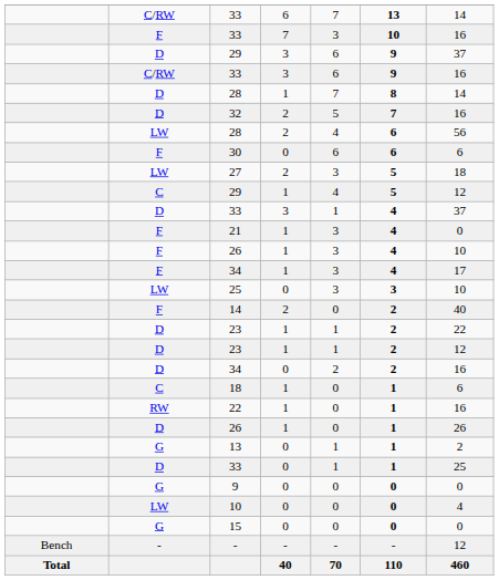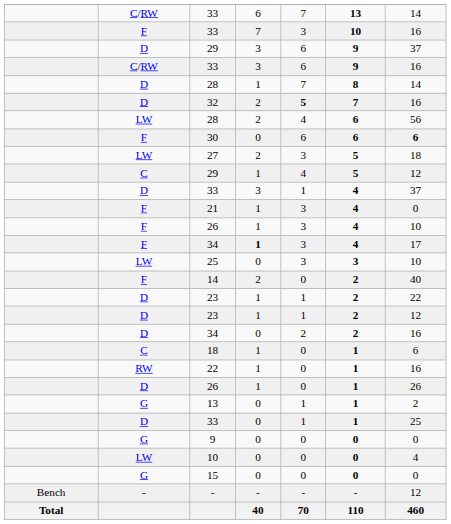 <table class="wikitable sortable" width ="50%">
 <tr align="center">
 </tr>
 <tr align="center" bgcolor="">
 <td></td>
 <td><a href='#'>C</a>/<a href='#'>RW</a></td>
 <td>33</td>
 <td>6</td>
 <td>7</td>
 <td><strong>13</strong></td>
 <td>14</td>
 </tr>
 <tr align="center" bgcolor="f0f0f0">
 <td></td>
 <td><a href='#'>F</a></td>
 <td>33</td>
 <td>7</td>
 <td>3</td>
 <td><strong>10</strong></td>
 <td>16</td>
 </tr>
 <tr align="center" bgcolor="">
 <td></td>
 <td><a href='#'>D</a></td>
 <td>29</td>
 <td>3</td>
 <td>6</td>
 <td><strong>9</strong></td>
 <td>37</td>
 </tr>
 <tr align="center" bgcolor="f0f0f0">
 <td></td>
 <td><a href='#'>C</a>/<a href='#'>RW</a></td>
 <td>33</td>
 <td>3</td>
 <td>6</td>
 <td><strong>9</strong></td>
 <td>16</td>
 </tr>
 <tr align="center" bgcolor="">
 <td></td>
 <td><a href='#'>D</a></td>
 <td>28</td>
 <td>1</td>
 <td>7</td>
 <td><strong>8</strong></td>
 <td>14</td>
 </tr>
 <tr align="center" bgcolor="f0f0f0">
 <td></td>
 <td><a href='#'>D</a></td>
 <td>32</td>
 <td>2</td>
-<td>5</td>
+<td><strong>5</strong></td>
 <td><strong>7</strong></td>
 <td>16</td>
 </tr>
 <tr align="center" bgcolor="">
 <td></td>
 <td><a href='#'>LW</a></td>
 <td>28</td>
 <td>2</td>
 <td>4</td>
 <td><strong>6</strong></td>
 <td>56</td>
 </tr>
 <tr align="center" bgcolor="f0f0f0">
 <td></td>
 <td><a href='#'>F</a></td>
 <td>30</td>
 <td>0</td>
 <td>6</td>
 <td><strong>6</strong></td>
-<td>6</td>
+<td><strong>6</strong></td>
 </tr>
 <tr align="center" bgcolor="">
 <td></td>
 <td><a href='#'>LW</a></td>
 <td>27</td>
 <td>2</td>
 <td>3</td>
 <td><strong>5</strong></td>
 <td>18</td>
 </tr>
 <tr align="center" bgcolor="f0f0f0">
 <td></td>
 <td><a href='#'>C</a></td>
 <td>29</td>
 <td>1</td>
 <td>4</td>
 <td><strong>5</strong></td>
 <td>12</td>
 </tr>
 <tr align="center" bgcolor="">
 <td></td>
 <td><a href='#'>D</a></td>
 <td>33</td>
 <td>3</td>
 <td>1</td>
 <td><strong>4</strong></td>
 <td>37</td>
 </tr>
 <tr align="center" bgcolor="f0f0f0">
 <td></td>
 <td><a href='#'>F</a></td>
 <td>21</td>
 <td>1</td>
 <td>3</td>
 <td><strong>4</strong></td>
 <td>0</td>
 </tr>
 <tr align="center" bgcolor="">
 <td></td>
 <td><a href='#'>F</a></td>
 <td>26</td>
 <td>1</td>
 <td>3</td>
 <td><strong>4</strong></td>
 <td>10</td>
 </tr>
 <tr align="center" bgcolor="f0f0f0">
 <td></td>
 <td><a href='#'>F</a></td>
 <td>34</td>
-<td>1</td>
+<td><strong>1</strong></td>
 <td>3</td>
 <td><strong>4</strong></td>
 <td>17</td>
 </tr>
 <tr align="center" bgcolor="">
 <td></td>
 <td><a href='#'>LW</a></td>
 <td>25</td>
 <td>0</td>
 <td>3</td>
 <td><strong>3</strong></td>
 <td>10</td>
 </tr>
 <tr align="center" bgcolor="f0f0f0">
 <td></td>
 <td><a href='#'>F</a></td>
 <td>14</td>
 <td>2</td>
 <td>0</td>
 <td><strong>2</strong></td>
 <td>40</td>
 </tr>
 <tr align="center" bgcolor="">
 <td></td>
 <td><a href='#'>D</a></td>
 <td>23</td>
 <td>1</td>
 <td>1</td>
 <td><strong>2</strong></td>
 <td>22</td>
 </tr>
 <tr align="center" bgcolor="f0f0f0">
 <td></td>
 <td><a href='#'>D</a></td>
 <td>23</td>
 <td>1</td>
 <td>1</td>
 <td><strong>2</strong></td>
 <td>12</td>
 </tr>
 <tr align="center" bgcolor="">
 <td></td>
 <td><a href='#'>D</a></td>
 <td>34</td>
 <td>0</td>
 <td>2</td>
 <td><strong>2</strong></td>
 <td>16</td>
 </tr>
 <tr align="center" bgcolor="f0f0f0">
 <td></td>
 <td><a href='#'>C</a></td>
 <td>18</td>
 <td>1</td>
 <td>0</td>
 <td><strong>1</strong></td>
 <td>6</td>
 </tr>
 <tr align="center" bgcolor="">
 <td></td>
 <td><a href='#'>RW</a></td>
 <td>22</td>
 <td>1</td>
 <td>0</td>
 <td><strong>1</strong></td>
 <td>16</td>
 </tr>
 <tr align="center" bgcolor="f0f0f0">
 <td></td>
 <td><a href='#'>D</a></td>
 <td>26</td>
 <td>1</td>
 <td>0</td>
 <td><strong>1</strong></td>
 <td>26</td>
 </tr>
 <tr align="center" bgcolor="">
 <td></td>
 <td><a href='#'>G</a></td>
 <td>13</td>
 <td>0</td>
 <td>1</td>
 <td><strong>1</strong></td>
 <td>2</td>
 </tr>
 <tr align="center" bgcolor="f0f0f0">
 <td></td>
 <td><a href='#'>D</a></td>
 <td>33</td>
 <td>0</td>
 <td>1</td>
 <td><strong>1</strong></td>
 <td>25</td>
 </tr>
 <tr align="center" bgcolor="">
 <td></td>
 <td><a href='#'>G</a></td>
 <td>9</td>
 <td>0</td>
 <td>0</td>
 <td><strong>0</strong></td>
 <td>0</td>
 </tr>
 <tr align="center" bgcolor="f0f0f0">
 <td></td>
 <td><a href='#'>LW</a></td>
 <td>10</td>
 <td>0</td>
 <td>0</td>
 <td><strong>0</strong></td>
 <td>4</td>
 </tr>
 <tr align="center" bgcolor="">
 <td></td>
 <td><a href='#'>G</a></td>
 <td>15</td>
 <td>0</td>
 <td>0</td>
 <td><strong>0</strong></td>
 <td>0</td>
 </tr>
 <tr align="center" bgcolor="f0f0f0">
 <td>Bench</td>
 <td>-</td>
 <td>-</td>
 <td>-</td>
 <td>-</td>
 <td>-</td>
 <td>12</td>
 </tr>
 <tr>
 <th>Total</th>
 <th></th>
 <th></th>
 <th>40</th>
 <th>70</th>
 <th>110</th>
 <th>460</th>
 </tr>
 </table>
